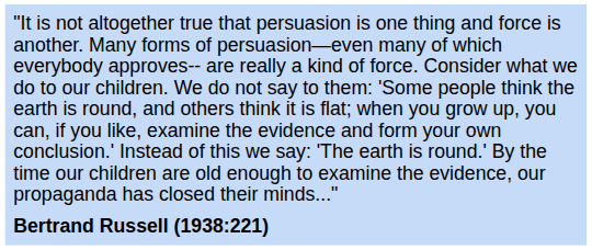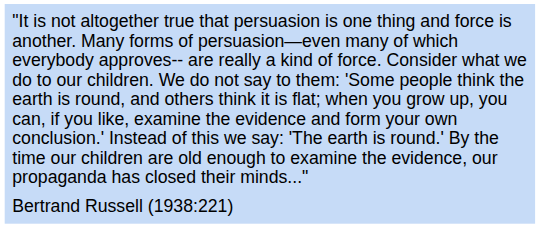 <table class="toccolours" style="float: right; margin-left: 1em; margin-right: 2em; font-size: 85%; background:#c6dbf7; color:black; width:30em; max-width: 40%;" cellspacing="5">
 <tr>
 <td style="text-align: left;">"It is not altogether true that persuasion is one thing and force is another. Many forms of persuasion—even many of which everybody approves-- are really a kind of force. Consider what we do to our children. We do not say to them: 'Some people think the earth is round, and others think it is flat; when you grow up, you can, if you like, examine the evidence and form your own conclusion.' Instead of this we say: 'The earth is round.' By the time our children are old enough to examine the evidence, our propaganda has closed their minds..."</td>
 </tr>
 <tr>
-<td style="text-align: left;"><strong>Bertrand Russell (1938:221)</strong></td>
+<td style="text-align: left;">Bertrand Russell (1938:221)</td>
 </tr>
 </table>
